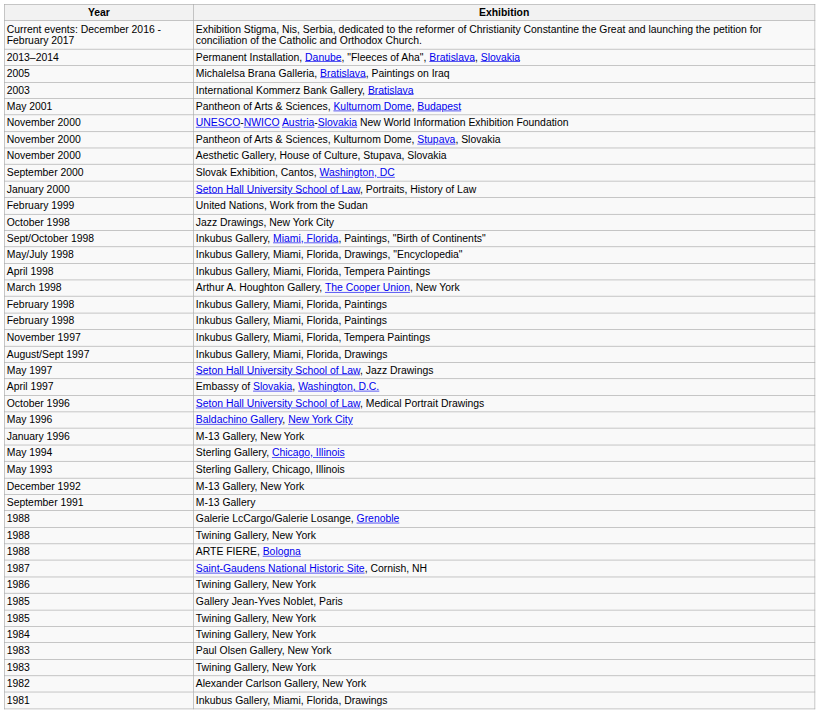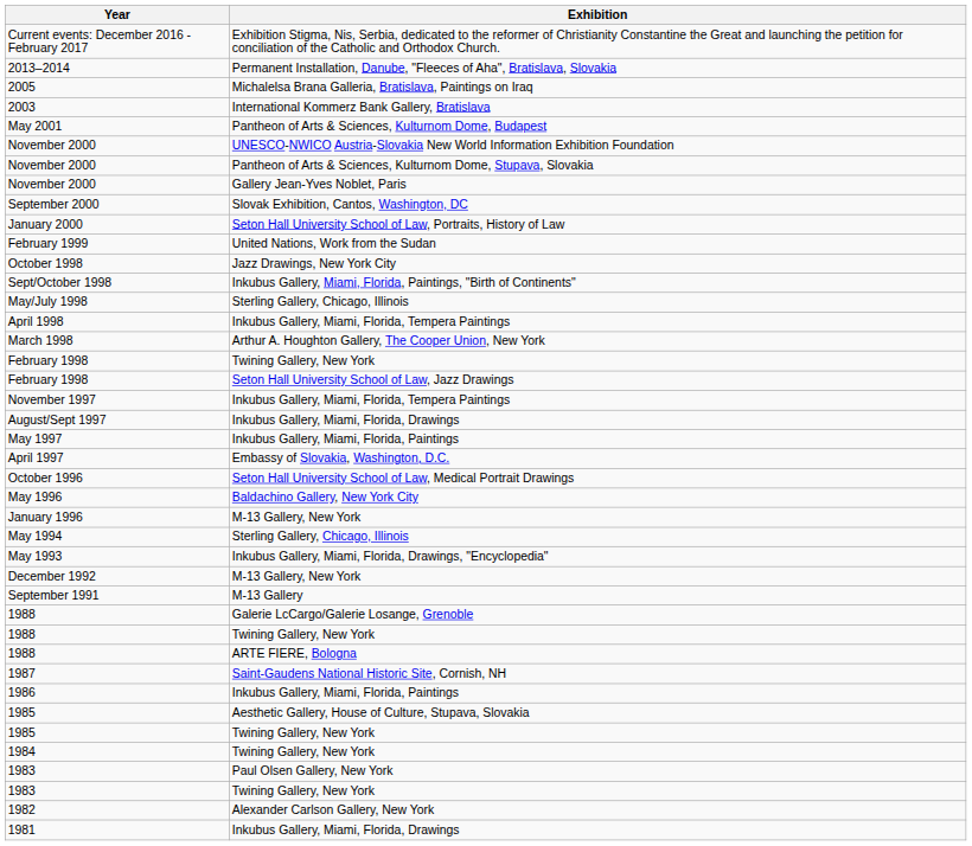 <table class="wikitable">
 <tr>
 <th>Year</th>
 <th>Exhibition</th>
 </tr>
 <tr>
 <td>Current events: December 2016 - February 2017</td>
 <td>Exhibition Stigma, Nis, Serbia, dedicated to the reformer of Christianity Constantine the Great and launching the petition for conciliation of the  Catholic and Orthodox Church.</td>
 </tr>
 <tr>
 <td>2013–2014</td>
 <td>Permanent Installation, <a href='#'>Danube</a>, "Fleeces of Aha", <a href='#'>Bratislava</a>, <a href='#'>Slovakia</a></td>
 </tr>
 <tr>
 <td>2005</td>
 <td>Michalelsa Brana Galleria, <a href='#'>Bratislava</a>, Paintings on Iraq</td>
 </tr>
 <tr>
 <td>2003</td>
 <td>International Kommerz Bank Gallery, <a href='#'>Bratislava</a></td>
 </tr>
 <tr>
 <td>May 2001</td>
 <td>Pantheon of Arts & Sciences, <a href='#'>Kulturnom Dome</a>, <a href='#'>Budapest</a></td>
 </tr>
 <tr>
 <td>November 2000</td>
 <td><a href='#'>UNESCO</a>-<a href='#'>NWICO</a> <a href='#'>Austria</a>-<a href='#'>Slovakia</a> New World Information Exhibition Foundation</td>
 </tr>
 <tr>
 <td>November 2000</td>
 <td>Pantheon of Arts & Sciences, Kulturnom Dome, <a href='#'>Stupava</a>, Slovakia</td>
 </tr>
 <tr>
 <td>November 2000</td>
-<td>Aesthetic Gallery, House of Culture, Stupava, Slovakia</td>
+<td>Gallery Jean-Yves Noblet, Paris</td>
 </tr>
 <tr>
 <td>September 2000</td>
 <td>Slovak Exhibition, Cantos, <a href='#'>Washington, DC</a></td>
 </tr>
 <tr>
 <td>January 2000</td>
 <td><a href='#'>Seton Hall University School of Law</a>, Portraits, History of Law</td>
 </tr>
 <tr>
 <td>February 1999</td>
 <td>United Nations, Work from the Sudan</td>
 </tr>
 <tr>
 <td>October 1998</td>
 <td>Jazz Drawings, New York City</td>
 </tr>
 <tr>
 <td>Sept/October 1998</td>
 <td>Inkubus Gallery, <a href='#'>Miami, Florida</a>, Paintings, "Birth of Continents"</td>
 </tr>
 <tr>
 <td>May/July 1998</td>
-<td>Inkubus Gallery, Miami, Florida, Drawings, "Encyclopedia"</td>
+<td>Sterling Gallery, Chicago, Illinois</td>
 </tr>
 <tr>
 <td>April 1998</td>
 <td>Inkubus Gallery, Miami, Florida, Tempera Paintings</td>
 </tr>
 <tr>
 <td>March 1998</td>
 <td>Arthur A. Houghton Gallery, <a href='#'>The Cooper Union</a>, New York</td>
 </tr>
 <tr>
 <td>February 1998</td>
-<td>Inkubus Gallery, Miami, Florida, Paintings</td>
+<td>Twining Gallery, New York</td>
 </tr>
 <tr>
 <td>February 1998</td>
-<td>Inkubus Gallery, Miami, Florida, Paintings</td>
+<td><a href='#'>Seton Hall University School of Law</a>, Jazz Drawings</td>
 </tr>
 <tr>
 <td>November 1997</td>
 <td>Inkubus Gallery, Miami, Florida, Tempera Paintings</td>
 </tr>
 <tr>
 <td>August/Sept 1997</td>
 <td>Inkubus Gallery, Miami, Florida, Drawings</td>
 </tr>
 <tr>
 <td>May 1997</td>
-<td><a href='#'>Seton Hall University School of Law</a>, Jazz Drawings</td>
+<td>Inkubus Gallery, Miami, Florida, Paintings</td>
 </tr>
 <tr>
 <td>April 1997</td>
 <td>Embassy of <a href='#'>Slovakia</a>, <a href='#'>Washington, D.C.</a></td>
 </tr>
 <tr>
 <td>October 1996</td>
 <td><a href='#'>Seton Hall University School of Law</a>, Medical Portrait Drawings</td>
 </tr>
 <tr>
 <td>May 1996</td>
 <td><a href='#'>Baldachino Gallery</a>, <a href='#'>New York City</a></td>
 </tr>
 <tr>
 <td>January 1996</td>
 <td>M-13 Gallery, New York</td>
 </tr>
 <tr>
 <td>May 1994</td>
 <td>Sterling Gallery, <a href='#'>Chicago, Illinois</a></td>
 </tr>
 <tr>
 <td>May 1993</td>
-<td>Sterling Gallery, Chicago, Illinois</td>
+<td>Inkubus Gallery, Miami, Florida, Drawings, "Encyclopedia"</td>
 </tr>
 <tr>
 <td>December 1992</td>
 <td>M-13 Gallery, New York</td>
 </tr>
 <tr>
 <td>September 1991</td>
 <td>M-13 Gallery</td>
 </tr>
 <tr>
 <td>1988</td>
 <td>Galerie LcCargo/Galerie Losange, <a href='#'>Grenoble</a></td>
 </tr>
 <tr>
 <td>1988</td>
 <td>Twining Gallery, New York</td>
 </tr>
 <tr>
 <td>1988</td>
 <td>ARTE FIERE, <a href='#'>Bologna</a></td>
 </tr>
 <tr>
 <td>1987</td>
 <td><a href='#'>Saint-Gaudens National Historic Site</a>, Cornish, NH</td>
 </tr>
 <tr>
 <td>1986</td>
-<td>Twining Gallery, New York</td>
+<td>Inkubus Gallery, Miami, Florida, Paintings</td>
 </tr>
 <tr>
 <td>1985</td>
-<td>Gallery Jean-Yves Noblet, Paris</td>
+<td>Aesthetic Gallery, House of Culture, Stupava, Slovakia</td>
 </tr>
 <tr>
 <td>1985</td>
 <td>Twining Gallery, New York</td>
 </tr>
 <tr>
 <td>1984</td>
 <td>Twining Gallery, New York</td>
 </tr>
 <tr>
 <td>1983</td>
 <td>Paul Olsen Gallery, New York</td>
 </tr>
 <tr>
 <td>1983</td>
 <td>Twining Gallery, New York</td>
 </tr>
 <tr>
 <td>1982</td>
 <td>Alexander Carlson Gallery, New York</td>
 </tr>
 <tr>
 <td>1981</td>
 <td>Inkubus Gallery, Miami, Florida, Drawings</td>
 </tr>
 </table>
